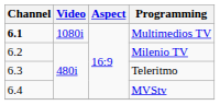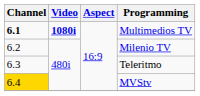 <table class="wikitable">
 <tr>
 <th>Channel</th>
 <th><a href='#'>Video</a></th>
 <th><a href='#'>Aspect</a></th>
 <th>Programming</th>
 </tr>
 <tr>
 <td><strong>6.1</strong></td>
-<td rowspan="1"><a href='#'>1080i</a></td>
+<td rowspan="1"><strong><a href='#'>1080i</a></strong></td>
 <td rowspan="4"><a href='#'>16:9</a></td>
 <td><a href='#'>Multimedios TV</a></td>
 </tr>
 <tr>
 <td>6.2</td>
 <td rowspan="3"><a href='#'>480i</a></td>
 <td><a href='#'>Milenio TV</a></td>
 </tr>
 <tr>
 <td>6.3</td>
 <td>Teleritmo</td>
 </tr>
 <tr>
-<td>6.4</td>
+<td style="background: gold;">6.4</td>
 <td><a href='#'>MVStv</a></td>
 </tr>
 <tr>
 </tr>
 </table>
